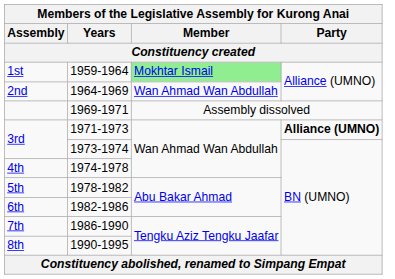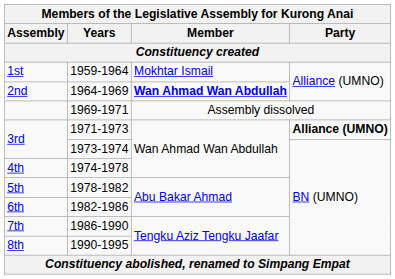 <table class=wikitable>
 <tr>
 <th colspan=4>Members of the Legislative Assembly for Kurong Anai</th>
 </tr>
 <tr>
 <th>Assembly</th>
 <th>Years</th>
 <th>Member</th>
 <th>Party</th>
 </tr>
 <tr>
 <th colspan=4 align=center><em>Constituency created</em></th>
 </tr>
 <tr>
 <td><a href='#'>1st</a></td>
 <td>1959-1964</td>
-<td style="background: lightgreen;"><a href='#'>Mokhtar Ismail</a></td>
+<td><a href='#'>Mokhtar Ismail</a></td>
 <td rowspan=2><a href='#'>Alliance</a> (UMNO)</td>
 </tr>
 <tr>
 <td><a href='#'>2nd</a></td>
 <td>1964-1969</td>
-<td><a href='#'>Wan Ahmad Wan Abdullah</a></td>
+<td><strong><a href='#'>Wan Ahmad Wan Abdullah</a></strong></td>
 </tr>
 <tr>
 <td></td>
 <td>1969-1971</td>
 <td colspan=2 align=center>Assembly dissolved</td>
 </tr>
 <tr>
 <td rowspan=2><a href='#'>3rd</a></td>
 <td>1971-1973</td>
 <td rowspan=3>Wan Ahmad Wan Abdullah</td>
 <td><strong>Alliance (UMNO)</strong></td>
 </tr>
 <tr>
 <td>1973-1974</td>
 <td rowspan=6><a href='#'>BN</a> (UMNO)</td>
 </tr>
 <tr>
 <td><a href='#'>4th</a></td>
 <td>1974-1978</td>
 </tr>
 <tr>
 <td><a href='#'>5th</a></td>
 <td>1978-1982</td>
 <td rowspan=2><a href='#'>Abu Bakar Ahmad</a></td>
 </tr>
 <tr>
 <td><a href='#'>6th</a></td>
 <td>1982-1986</td>
 </tr>
 <tr>
 <td><a href='#'>7th</a></td>
 <td>1986-1990</td>
 <td rowspan=2><a href='#'>Tengku Aziz Tengku Jaafar</a></td>
 </tr>
 <tr>
 <td><a href='#'>8th</a></td>
 <td>1990-1995</td>
 </tr>
 <tr>
 <th colspan=4 align=center><em>Constituency abolished, renamed to Simpang Empat</em></th>
 </tr>
 </table>
